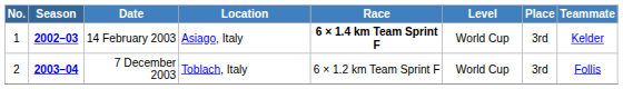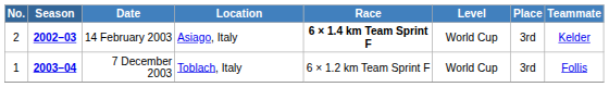 <table class="wikitable sortable" style="font-size:95%; text-align:center; border:grey solid 1px; border-collapse:collapse; background:#ffffff;">
 <tr style="background:#efefef;">
 <th style="background-color:#369; color:white;">No.</th>
 <th style="background-color:#369; color:white;">Season</th>
 <th style="background-color:#4180be; color:white; width:120px;">Date</th>
 <th style="background-color:#4180be; color:white; width:170px;">Location</th>
 <th style="background-color:#4180be; color:white; width:170px;">Race</th>
 <th style="background-color:#4180be; color:white; width:100px;">Level</th>
 <th style="background-color:#4180be; color:white;">Place</th>
 <th style="background-color:#4180be; color:white;">Teammate</th>
 </tr>
 <tr>
-<td align=center>1</td>
+<td align=center>2</td>
 <td rowspan=1 align=center><strong> <a href='#'>2002–03</a> </strong></td>
 <td align=right>14 February 2003</td>
 <td align=left> <a href='#'>Asiago</a>, Italy</td>
 <td><strong>6 × 1.4 km Team Sprint F</strong></td>
 <td>World Cup</td>
 <td>3rd</td>
 <td><a href='#'>Kelder</a></td>
 </tr>
 <tr>
-<td align=center>2</td>
+<td align=center>1</td>
 <td rowspan=1 align=center><strong> <a href='#'>2003–04</a> </strong></td>
 <td align=right>7 December 2003</td>
 <td align=left> <a href='#'>Toblach</a>, Italy</td>
 <td>6 × 1.2 km Team Sprint F</td>
 <td>World Cup</td>
 <td>3rd</td>
 <td><a href='#'>Follis</a></td>
 </tr>
 <tr>
 </tr>
 </table>
